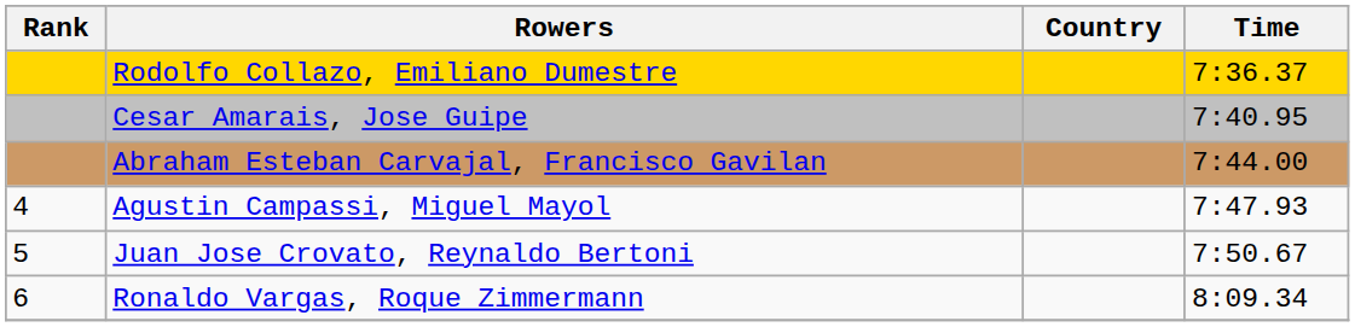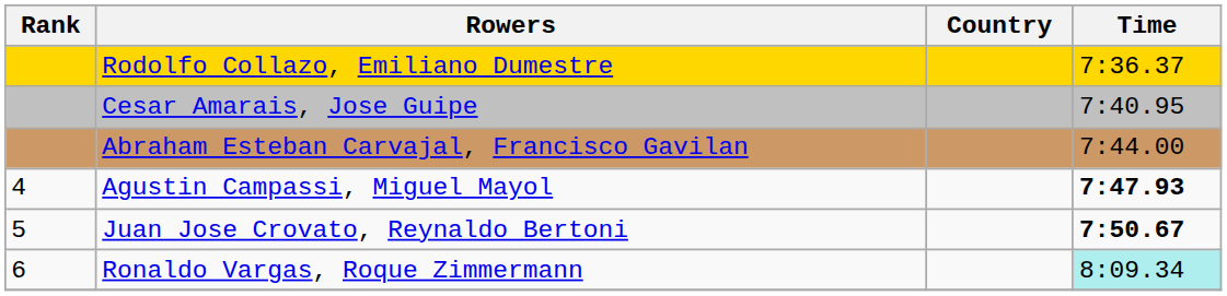 <table class="wikitable" width=50%>
 <tr>
 <th>Rank</th>
 <th>Rowers</th>
 <th>Country</th>
 <th>Time</th>
 </tr>
 <tr bgcolor=gold>
 <td></td>
 <td><a href='#'>Rodolfo Collazo</a>, <a href='#'>Emiliano Dumestre</a></td>
 <td></td>
 <td>7:36.37</td>
 </tr>
 <tr bgcolor=silver>
 <td></td>
 <td><a href='#'>Cesar Amarais</a>, <a href='#'>Jose Guipe</a></td>
 <td></td>
 <td>7:40.95</td>
 </tr>
 <tr bgcolor=cc9966>
 <td></td>
 <td><a href='#'>Abraham Esteban Carvajal</a>, <a href='#'>Francisco Gavilan</a></td>
 <td></td>
 <td>7:44.00</td>
 </tr>
 <tr>
 <td>4</td>
 <td><a href='#'>Agustin Campassi</a>, <a href='#'>Miguel Mayol</a></td>
 <td></td>
-<td>7:47.93</td>
+<td><strong>7:47.93</strong></td>
 </tr>
 <tr>
 <td>5</td>
 <td><a href='#'>Juan Jose Crovato</a>, <a href='#'>Reynaldo Bertoni</a></td>
 <td></td>
-<td>7:50.67</td>
+<td><strong>7:50.67</strong></td>
 </tr>
 <tr>
 <td>6</td>
 <td><a href='#'>Ronaldo Vargas</a>, <a href='#'>Roque Zimmermann</a></td>
 <td></td>
-<td>8:09.34</td>
+<td style="background: paleturquoise;">8:09.34</td>
 </tr>
 <tr>
 </tr>
 </table>
